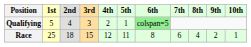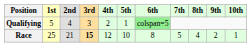 <table class="wikitable" style="font-size:80%; text-align:center">
 <tr>
 <th>Position</th>
 <td style="background:#ffffbf;"> <strong>1st</strong> </td>
 <td style="background:#dfdfdf;"> <strong>2nd</strong> </td>
 <td style="background:#ffdf9f;"> <strong>3rd</strong> </td>
 <td style="background:#dfffdf;"> <strong>4th</strong> </td>
 <td style="background:#dfffdf;"> <strong>5th</strong> </td>
 <td style="background:#dfffdf;"> <strong>6th</strong> </td>
 <td style="background:#dfffdf;"> <strong>7th</strong> </td>
 <td style="background:#dfffdf;"> <strong>8th</strong> </td>
 <td style="background:#dfffdf;"> <strong>9th</strong> </td>
 <td style="background:#dfffdf;"> <strong>10th</strong> </td>
 </tr>
 <tr>
 <th>Qualifying</th>
 <td style="background:#ffffbf;">5</td>
 <td style="background:#dfdfdf;">4</td>
 <td style="background:#ffdf9f;">3</td>
 <td style="background:#dfffdf;">2</td>
 <td style="background:#dfffdf;">1</td>
 <td style="background: lightgreen;">colspan=5 </td>
 </tr>
 <tr>
 <th>Race</th>
 <td style="background:#ffffbf;">25</td>
-<td style="background:#dfdfdf;">18</td>
-<td style="background:#ffdf9f;">15</td>
+<td style="background:#dfdfdf;">21</td>
+<td style="background:#ffdf9f;"><strong>15</strong></td>
 <td style="background:#dfffdf;">12</td>
-<td style="background:#dfffdf;">11</td>
+<td style="background:#dfffdf;">10</td>
 <td style="background:#dfffdf;">8</td>
-<td style="background:#dfffdf;">6</td>
+<td style="background:#dfffdf;">5</td>
 <td style="background:#dfffdf;">4</td>
 <td style="background:#dfffdf;">2</td>
 <td style="background:#dfffdf;">1</td>
 </tr>
 </table>
